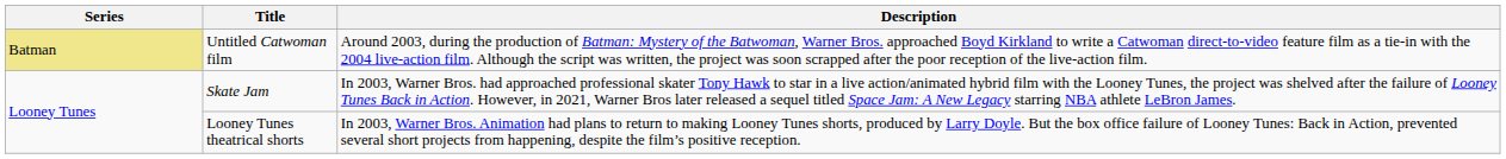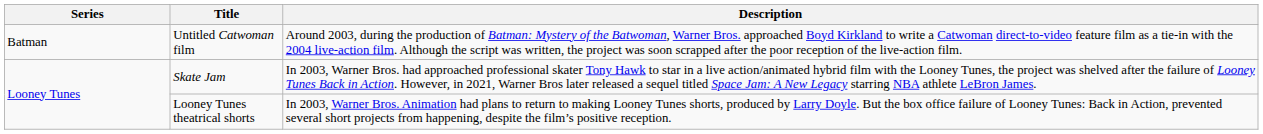 <table class="wikitable">
 <tr>
 <th style="width:150pt;">Series</th>
 <th style="width:100pt;">Title</th>
 <th>Description</th>
 </tr>
 <tr>
-<td style="background: khaki;">Batman</td>
+<td>Batman</td>
 <td>Untitled <em>Catwoman</em> film</td>
 <td>Around 2003, during the production of <em><a href='#'>Batman: Mystery of the Batwoman</a></em>, <a href='#'>Warner Bros.</a> approached <a href='#'>Boyd Kirkland</a> to write a <a href='#'>Catwoman</a> <a href='#'>direct-to-video</a> feature film as a tie-in with the <a href='#'>2004 live-action film</a>. Although the script was written, the project was soon scrapped after the poor reception of the live-action film.</td>
 </tr>
 <tr>
 <td rowspan="2"><a href='#'>Looney Tunes</a></td>
 <td><em>Skate Jam</em></td>
 <td>In 2003, Warner Bros. had approached professional skater <a href='#'>Tony Hawk</a> to star in a live action/animated hybrid film with the Looney Tunes, the project was shelved after the failure of <em><a href='#'>Looney Tunes Back in Action</a></em>. However, in 2021, Warner Bros later released a sequel titled <em><a href='#'>Space Jam: A New Legacy</a></em> starring <a href='#'>NBA</a> athlete <a href='#'>LeBron James</a>.</td>
 </tr>
 <tr>
 <td>Looney Tunes theatrical shorts</td>
 <td>In 2003, <a href='#'>Warner Bros. Animation</a> had plans to return to making Looney Tunes shorts, produced by <a href='#'>Larry Doyle</a>. But  the box office failure of Looney Tunes: Back in Action, prevented several short projects from happening, despite the film’s positive reception.</td>
 </tr>
 </table>
